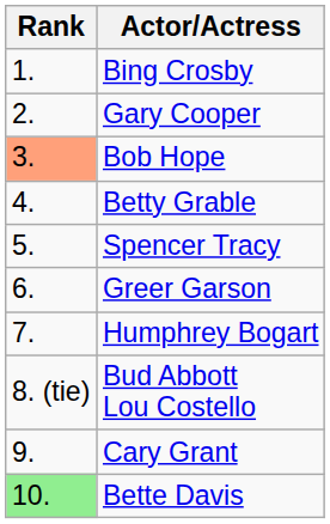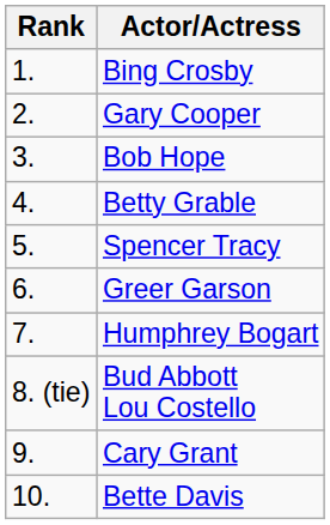 <table class="wikitable">
 <tr>
 <th>Rank</th>
 <th>Actor/Actress</th>
 </tr>
 <tr>
 <td>1.</td>
 <td><a href='#'>Bing Crosby</a></td>
 </tr>
 <tr>
 <td>2.</td>
 <td><a href='#'>Gary Cooper</a></td>
 </tr>
 <tr>
-<td style="background: lightsalmon;">3.</td>
+<td>3.</td>
 <td><a href='#'>Bob Hope</a></td>
 </tr>
 <tr>
 <td>4.</td>
 <td><a href='#'>Betty Grable</a></td>
 </tr>
 <tr>
 <td>5.</td>
 <td><a href='#'>Spencer Tracy</a></td>
 </tr>
 <tr>
 <td>6.</td>
 <td><a href='#'>Greer Garson</a></td>
 </tr>
 <tr>
 <td>7.</td>
 <td><a href='#'>Humphrey Bogart</a></td>
 </tr>
 <tr>
 <td>8. (tie)</td>
 <td><a href='#'>Bud Abbott</a><br><a href='#'>Lou Costello</a></td>
 </tr>
 <tr>
 <td>9.</td>
 <td><a href='#'>Cary Grant</a></td>
 </tr>
 <tr>
-<td style="background: lightgreen;">10.</td>
+<td>10.</td>
 <td><a href='#'>Bette Davis</a></td>
 </tr>
 </table>
